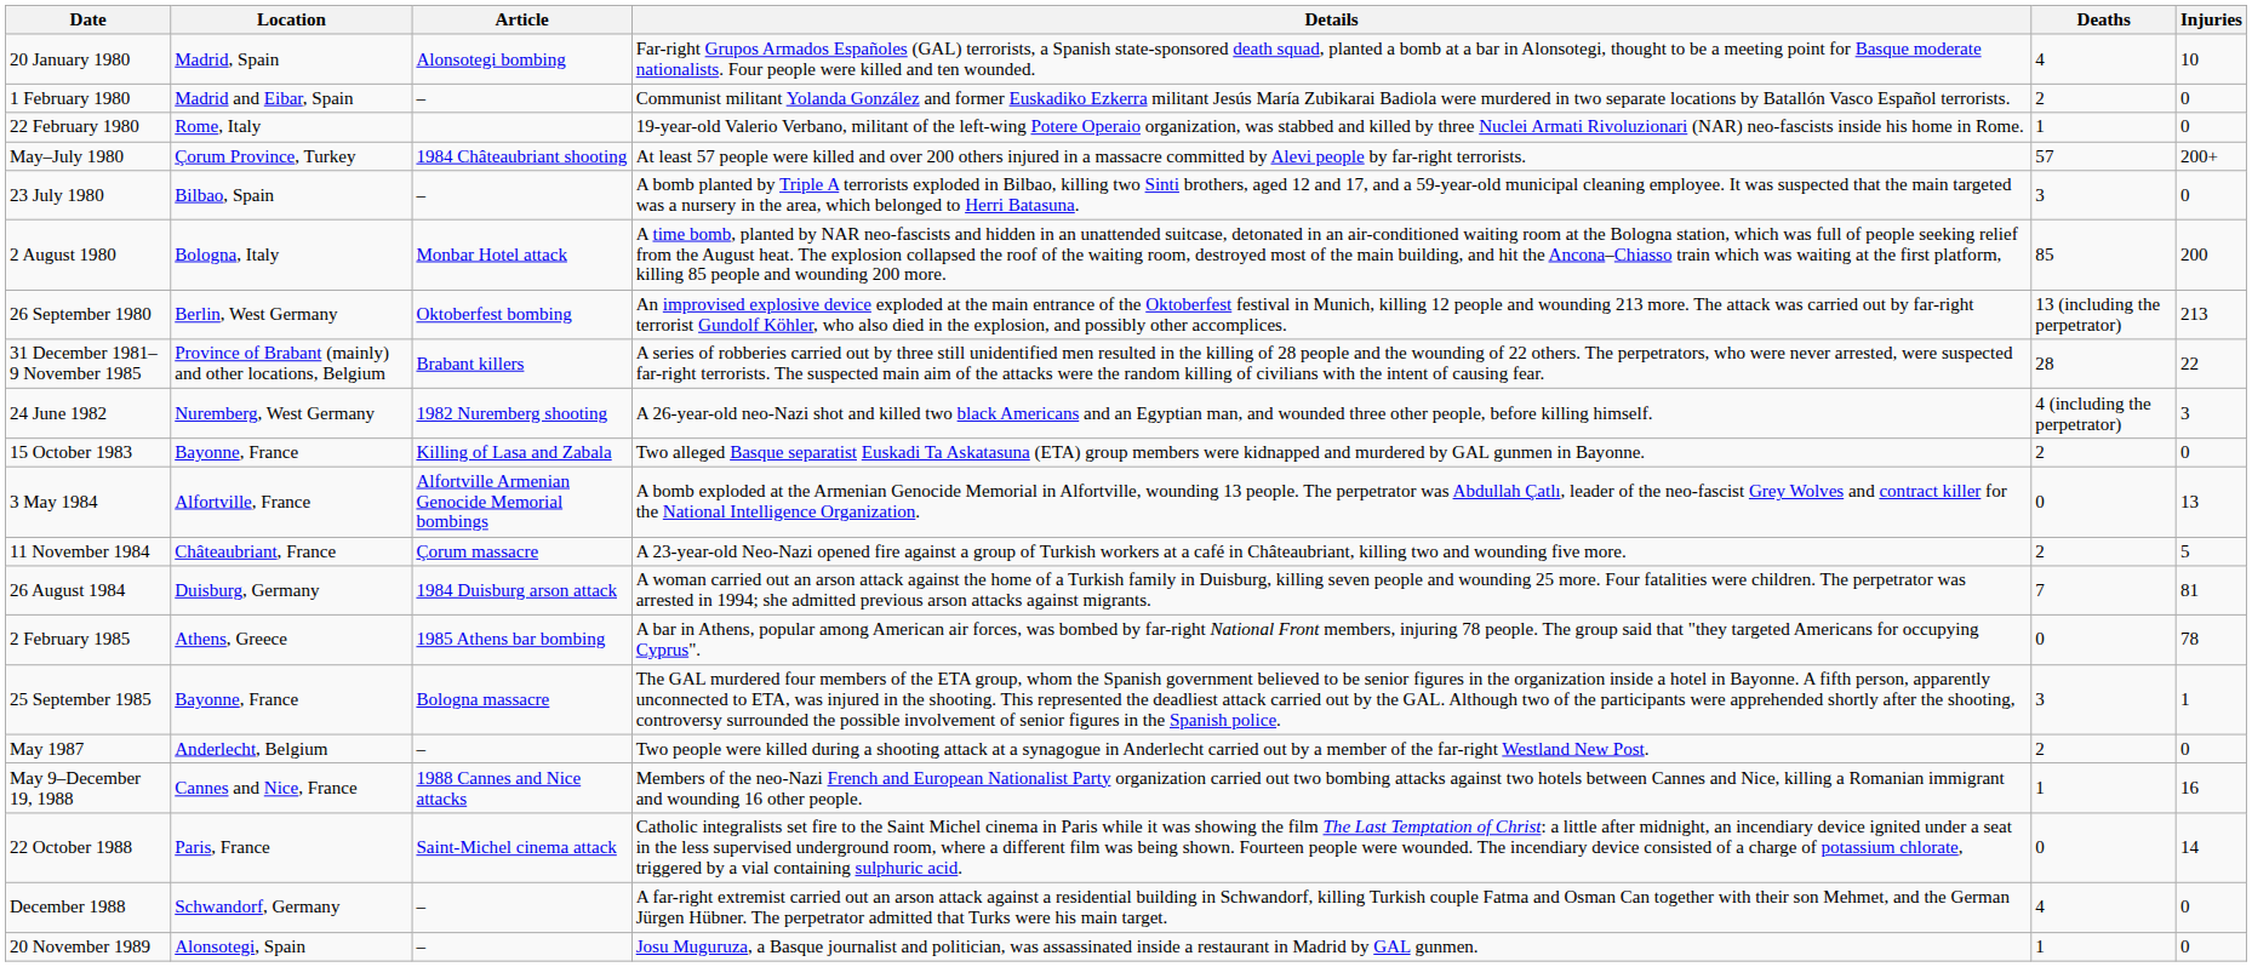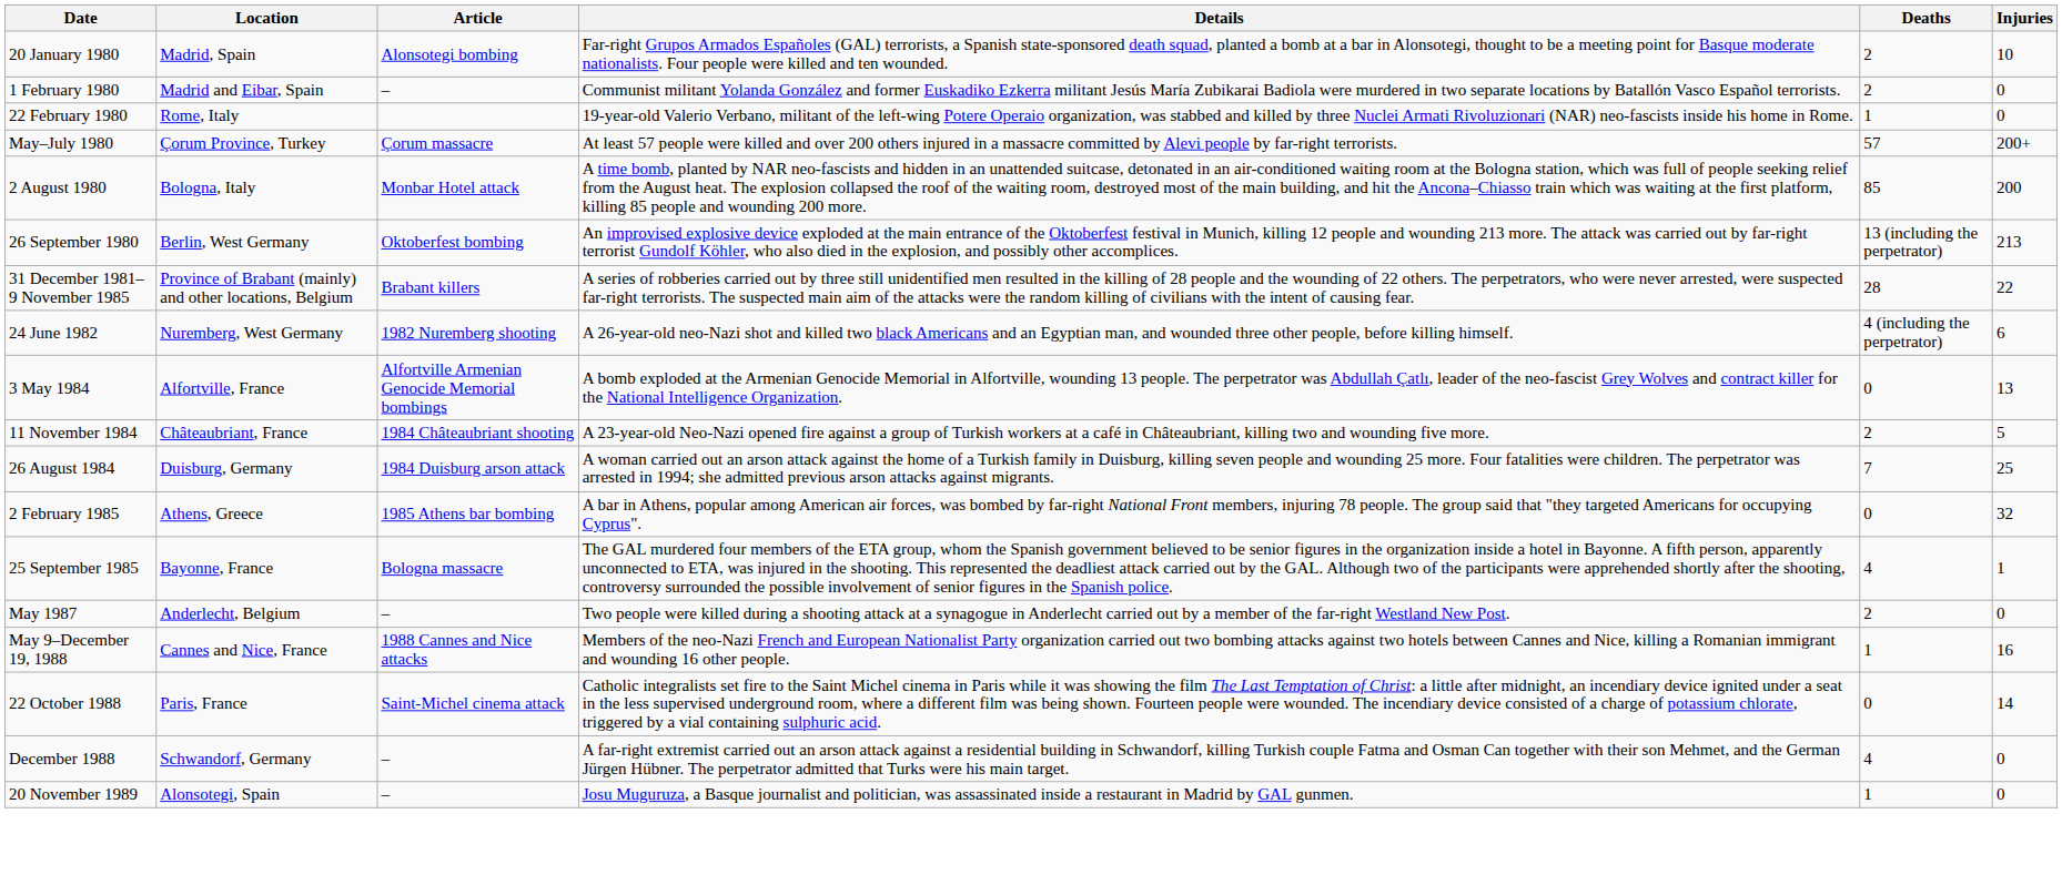 <table class="wikitable ">
 <tr>
 <th>Date</th>
 <th>Location</th>
 <th>Article</th>
 <th>Details</th>
 <th>Deaths</th>
 <th>Injuries</th>
 </tr>
 <tr>
 <td>20 January 1980</td>
 <td> <a href='#'>Madrid</a>, Spain</td>
 <td><a href='#'>Alonsotegi bombing</a></td>
 <td>Far-right <a href='#'>Grupos Armados Españoles</a> (GAL) terrorists, a Spanish state-sponsored <a href='#'>death squad</a>, planted a bomb at a bar in Alonsotegi, thought to be a meeting point for <a href='#'>Basque moderate nationalists</a>. Four people were killed and ten wounded.</td>
-<td>4</td>
+<td>2</td>
 <td>10</td>
 </tr>
 <tr>
 <td>1 February 1980</td>
 <td> <a href='#'>Madrid</a> and <a href='#'>Eibar</a>, Spain</td>
 <td>–</td>
 <td>Communist militant <a href='#'>Yolanda González</a> and former <a href='#'>Euskadiko Ezkerra</a> militant Jesús María Zubikarai Badiola were murdered in two separate locations by Batallón Vasco Español terrorists.</td>
 <td>2</td>
 <td>0</td>
 </tr>
 <tr>
 <td>22 February 1980</td>
 <td> <a href='#'>Rome</a>, Italy</td>
 <td></td>
 <td>19-year-old Valerio Verbano, militant of the left-wing <a href='#'>Potere Operaio</a> organization, was stabbed and killed by three <a href='#'>Nuclei Armati Rivoluzionari</a> (NAR) neo-fascists inside his home in Rome.</td>
 <td>1</td>
 <td>0</td>
 </tr>
 <tr>
 <td>May–July 1980</td>
 <td> <a href='#'>Çorum Province</a>, Turkey</td>
-<td><a href='#'>1984 Châteaubriant shooting</a></td>
+<td><a href='#'>Çorum massacre</a></td>
 <td>At least 57 people were killed and over 200 others injured in a massacre committed by <a href='#'>Alevi people</a> by far-right terrorists.</td>
 <td>57</td>
 <td>200+</td>
-</tr>
-<tr>
-<td>23 July 1980</td>
-<td> <a href='#'>Bilbao</a>, Spain</td>
-<td>–</td>
-<td>A bomb planted by <a href='#'>Triple A</a> terrorists exploded in Bilbao, killing two <a href='#'>Sinti</a> brothers, aged 12 and 17, and a 59-year-old municipal cleaning employee. It was suspected that the main targeted was a nursery in the area, which belonged to <a href='#'>Herri Batasuna</a>.</td>
-<td>3</td>
-<td>0</td>
 </tr>
 <tr>
 <td>2 August 1980</td>
 <td> <a href='#'>Bologna</a>, Italy</td>
 <td><a href='#'>Monbar Hotel attack</a></td>
 <td>A <a href='#'>time bomb</a>, planted by NAR neo-fascists and hidden in an unattended suitcase, detonated in an air-conditioned waiting room at the Bologna station, which was full of people seeking relief from the August heat. The explosion collapsed the roof of the waiting room, destroyed most of the main building, and hit the <a href='#'>Ancona</a>–<a href='#'>Chiasso</a> train which was waiting at the first platform, killing 85 people and wounding 200 more.</td>
 <td>85</td>
 <td>200</td>
 </tr>
 <tr>
 <td>26 September 1980</td>
 <td> <a href='#'>Berlin</a>, West Germany</td>
 <td><a href='#'>Oktoberfest bombing</a></td>
 <td>An <a href='#'>improvised explosive device</a>  exploded at the main entrance of the <a href='#'>Oktoberfest</a> festival in Munich, killing 12 people and wounding 213 more. The attack was carried out by far-right terrorist <a href='#'>Gundolf Köhler</a>, who also died in the explosion, and possibly other accomplices.</td>
 <td>13 (including the perpetrator)</td>
 <td>213</td>
 </tr>
 <tr>
 <td>31 December 1981–9 November 1985</td>
 <td> <a href='#'>Province of Brabant</a> (mainly) and other locations, Belgium</td>
 <td><a href='#'>Brabant killers</a></td>
 <td>A series of robberies carried out by three still unidentified men resulted in the killing of 28 people and the wounding of 22 others. The perpetrators, who were never arrested, were suspected far-right terrorists. The suspected main aim of the attacks were the random killing of civilians with the intent of causing fear.</td>
 <td>28</td>
 <td>22</td>
 </tr>
 <tr>
 <td>24 June 1982</td>
 <td> <a href='#'>Nuremberg</a>, West Germany</td>
 <td><a href='#'>1982 Nuremberg shooting</a></td>
 <td>A 26-year-old neo-Nazi shot and killed two <a href='#'>black Americans</a> and an Egyptian man, and wounded three other people, before killing himself.</td>
 <td>4 (including the perpetrator)</td>
-<td>3</td>
-</tr>
-<tr>
-<td>15 October 1983</td>
-<td> <a href='#'>Bayonne</a>, France</td>
-<td><a href='#'>Killing of Lasa and Zabala</a></td>
-<td>Two alleged <a href='#'>Basque separatist</a> <a href='#'>Euskadi Ta Askatasuna</a> (ETA) group members were kidnapped and murdered by GAL gunmen in Bayonne.</td>
-<td>2</td>
-<td>0</td>
+<td>6</td>
 </tr>
 <tr>
 <td>3 May 1984</td>
 <td> <a href='#'>Alfortville</a>, France</td>
 <td><a href='#'>Alfortville Armenian Genocide Memorial bombings</a></td>
 <td>A bomb exploded at the Armenian Genocide Memorial in Alfortville, wounding 13 people. The perpetrator was <a href='#'>Abdullah Çatlı</a>, leader of the neo-fascist <a href='#'>Grey Wolves</a> and <a href='#'>contract killer</a> for the <a href='#'>National Intelligence Organization</a>.</td>
 <td>0</td>
 <td>13</td>
 </tr>
 <tr>
 <td>11 November 1984</td>
 <td> <a href='#'>Châteaubriant</a>, France</td>
-<td><a href='#'>Çorum massacre</a></td>
+<td><a href='#'>1984 Châteaubriant shooting</a></td>
 <td>A 23-year-old Neo-Nazi opened fire against a group of Turkish workers at a café in Châteaubriant, killing two and wounding five more.</td>
 <td>2</td>
 <td>5</td>
 </tr>
 <tr>
 <td>26 August 1984</td>
 <td> <a href='#'>Duisburg</a>, Germany</td>
 <td><a href='#'>1984 Duisburg arson attack</a></td>
 <td>A woman carried out an arson attack against the home of a Turkish family in Duisburg, killing seven people and wounding 25 more. Four fatalities were children. The perpetrator was arrested in 1994; she admitted previous arson attacks against migrants.</td>
 <td>7</td>
-<td>81</td>
+<td>25</td>
 </tr>
 <tr>
 <td>2 February 1985</td>
 <td> <a href='#'>Athens</a>, Greece</td>
 <td><a href='#'>1985 Athens bar bombing</a></td>
 <td>A bar in Athens, popular among American air forces, was bombed by far-right <em>National Front</em> members, injuring 78 people. The group said that "they targeted Americans for occupying <a href='#'>Cyprus</a>".</td>
 <td>0</td>
-<td>78</td>
+<td>32</td>
 </tr>
 <tr>
 <td>25 September 1985</td>
 <td> <a href='#'>Bayonne</a>, France</td>
 <td><a href='#'>Bologna massacre</a></td>
 <td>The GAL murdered four members of the ETA group, whom the Spanish government believed to be senior figures in the organization inside a hotel in Bayonne. A fifth person, apparently unconnected to ETA, was injured in the shooting. This represented the deadliest attack carried out by the GAL. Although two of the participants were apprehended shortly after the shooting, controversy surrounded the possible involvement of senior figures in the <a href='#'>Spanish police</a>.</td>
-<td>3</td>
+<td>4</td>
 <td>1</td>
 </tr>
 <tr>
 <td>May 1987</td>
 <td> <a href='#'>Anderlecht</a>, Belgium</td>
 <td>–</td>
 <td>Two people were killed during a shooting attack at a synagogue in Anderlecht carried out by a member of the far-right <a href='#'>Westland New Post</a>.</td>
 <td>2</td>
 <td>0</td>
 </tr>
 <tr>
 <td>May 9–December 19, 1988</td>
 <td> <a href='#'>Cannes</a> and <a href='#'>Nice</a>, France</td>
 <td><a href='#'>1988 Cannes and Nice attacks</a></td>
 <td>Members of the neo-Nazi <a href='#'>French and European Nationalist Party</a> organization carried out two bombing attacks against two hotels between Cannes and Nice, killing a Romanian immigrant and wounding 16 other people.</td>
 <td>1</td>
 <td>16</td>
 </tr>
 <tr>
 <td>22 October 1988</td>
 <td> <a href='#'>Paris</a>, France</td>
 <td><a href='#'>Saint-Michel cinema attack</a></td>
 <td>Catholic integralists set fire to the Saint Michel cinema in Paris while it was showing the film <em><a href='#'>The Last Temptation of Christ</a></em>: a little after midnight, an incendiary device ignited under a seat in the less supervised underground room, where a different film was being shown. Fourteen people were wounded. The incendiary device consisted of a charge of <a href='#'>potassium chlorate</a>, triggered by a vial containing <a href='#'>sulphuric acid</a>.</td>
 <td>0</td>
 <td>14</td>
 </tr>
 <tr>
 <td>December 1988</td>
 <td> <a href='#'>Schwandorf</a>, Germany</td>
 <td>–</td>
 <td>A far-right extremist carried out an arson attack against a residential building in Schwandorf, killing Turkish couple Fatma and Osman Can together with their son Mehmet, and the German Jürgen Hübner. The perpetrator admitted that Turks were his main target.</td>
 <td>4</td>
 <td>0</td>
 </tr>
 <tr>
 <td>20 November 1989</td>
 <td> <a href='#'>Alonsotegi</a>, Spain</td>
 <td>–</td>
 <td><a href='#'>Josu Muguruza</a>, a Basque journalist and politician, was assassinated inside a restaurant in Madrid by <a href='#'>GAL</a> gunmen.</td>
 <td>1</td>
 <td>0</td>
 </tr>
 </table>
